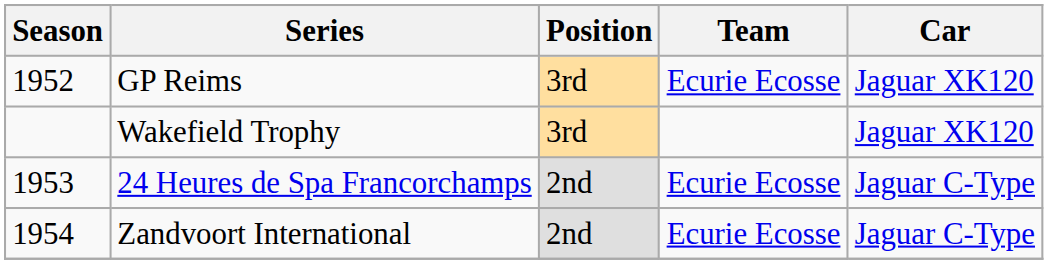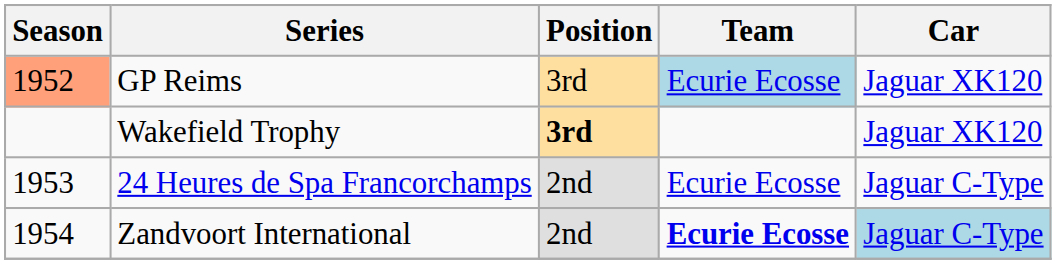 <table class="wikitable" style="font-size: 95%;">
 <tr>
 <th>Season</th>
 <th>Series</th>
 <th>Position</th>
 <th>Team</th>
 <th>Car</th>
 </tr>
 <tr>
-<td>1952</td>
+<td style="background: lightsalmon;">1952</td>
 <td>GP Reims  </td>
 <td style="background:#ffdf9f;">3rd</td>
-<td><a href='#'>Ecurie Ecosse</a></td>
+<td style="background: lightblue;"><a href='#'>Ecurie Ecosse</a></td>
 <td><a href='#'>Jaguar XK120</a></td>
 </tr>
 <tr>
 <td></td>
 <td>Wakefield Trophy  </td>
-<td style="background:#ffdf9f;">3rd</td>
+<td style="background:#ffdf9f;"><strong>3rd</strong></td>
 <td></td>
 <td><a href='#'>Jaguar XK120</a></td>
 </tr>
 <tr>
 <td>1953</td>
 <td><a href='#'>24 Heures de Spa Francorchamps</a>  </td>
 <td style="background:#dfdfdf;">2nd</td>
 <td><a href='#'>Ecurie Ecosse</a></td>
 <td><a href='#'>Jaguar C-Type</a></td>
 </tr>
 <tr>
 <td>1954</td>
 <td>Zandvoort International  </td>
 <td style="background:#dfdfdf;">2nd</td>
-<td><a href='#'>Ecurie Ecosse</a></td>
-<td><a href='#'>Jaguar C-Type</a></td>
+<td><strong><a href='#'>Ecurie Ecosse</a></strong></td>
+<td style="background: lightblue;"><a href='#'>Jaguar C-Type</a></td>
 </tr>
 <tr>
 </tr>
 </table>
